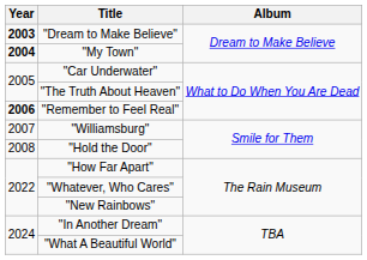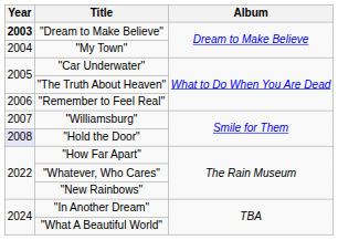 <table class="wikitable plainrowheaders" style="text-align:center;">
 <tr>
 <th>Year</th>
 <th>Title</th>
 <th>Album</th>
 </tr>
 <tr>
 <td><strong>2003</strong></td>
 <td>"Dream to Make Believe"</td>
 <td rowspan="2"><em><a href='#'>Dream to Make Believe</a></em></td>
 </tr>
 <tr>
-<td><strong>2004</strong></td>
+<td>2004</td>
 <td>"My Town"</td>
 </tr>
 <tr>
 <td rowspan="2">2005</td>
 <td>"Car Underwater"</td>
 <td rowspan="3"><em><a href='#'>What to Do When You Are Dead</a></em></td>
 </tr>
 <tr>
 <td>"The Truth About Heaven"</td>
 </tr>
 <tr>
-<td><strong>2006</strong></td>
+<td>2006</td>
 <td>"Remember to Feel Real"</td>
 </tr>
 <tr>
 <td>2007</td>
 <td>"Williamsburg"</td>
 <td rowspan="2"><em><a href='#'>Smile for Them</a></em></td>
 </tr>
 <tr>
-<td>2008</td>
+<td style="background: lavender;">2008</td>
 <td>"Hold the Door"</td>
 </tr>
 <tr>
 <td rowspan="3">2022</td>
 <td>"How Far Apart"</td>
 <td rowspan="3"><em>The Rain Museum</em></td>
 </tr>
 <tr>
 <td>"Whatever, Who Cares"</td>
 </tr>
 <tr>
 <td>"New Rainbows"</td>
 </tr>
 <tr>
 <td rowspan="2">2024</td>
 <td>"In Another Dream"</td>
 <td rowspan="2"><em>TBA</em></td>
 </tr>
 <tr>
 <td>"What A Beautiful World"</td>
 </tr>
 </table>
